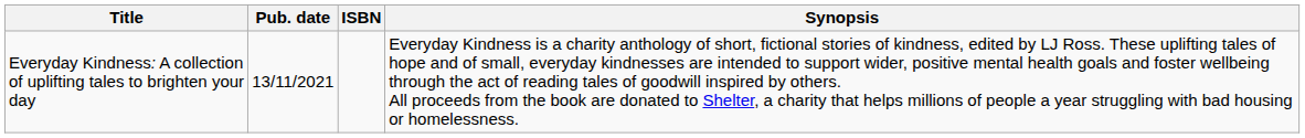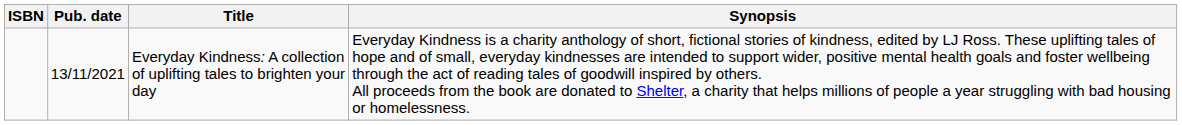 <table class="wikitable">
 <tr>
+<th>ISBN</th>
+<th>Pub. date</th>
 <th>Title</th>
-<th>Pub. date</th>
-<th>ISBN</th>
 <th>Synopsis</th>
 </tr>
 <tr>
+<td></td>
+<td>13/11/2021</td>
 <td>Everyday Kindness<em>:</em> A collection of uplifting tales to brighten your day</td>
-<td>13/11/2021</td>
-<td></td>
 <td>Everyday Kindness is a charity anthology of short, fictional stories of kindness, edited by LJ Ross. These uplifting tales of hope and of small, everyday kindnesses are intended to support wider, positive mental health goals and foster wellbeing through the act of reading tales of goodwill inspired by others.<br>All proceeds from the book are donated to <a href='#'>Shelter</a>, a charity that helps millions of people a year struggling with bad housing or homelessness.</td>
 </tr>
 </table>
